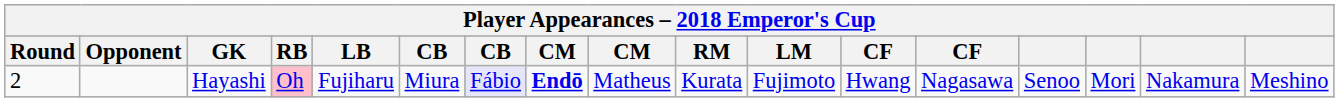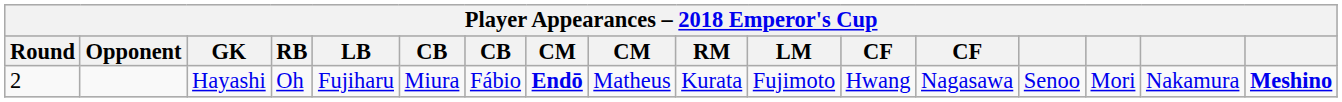 <table class="wikitable"  style="text-align:left; line-height:90%; font-size:90%; width:60%;">
 <tr>
 <th colspan=17>Player Appearances – <a href='#'>2018 Emperor's Cup</a></th>
 </tr>
 <tr>
 <th style="width:5%;">Round</th>
 <th style="width:20%;">Opponent</th>
 <th style="width:5%;">GK</th>
 <th style="width:5%;">RB</th>
 <th style="width:5%;">LB</th>
 <th style="width:5%;">CB</th>
 <th style="width:5%;">CB</th>
 <th style="width:5%;">CM</th>
 <th style="width:5%;">CM</th>
 <th style="width:5%;">RM</th>
 <th style="width:5%;">LM</th>
 <th style="width:5%;">CF</th>
 <th style="width:5%;">CF</th>
 <th style="width:5%;"></th>
 <th style="width:5%;"></th>
 <th style="width:5%;"></th>
 <th style="width:5%;"></th>
 </tr>
 <tr>
 <td align=centre>2</td>
 <td align=left></td>
 <td><a href='#'>Hayashi</a></td>
-<td style="background: pink;"><a href='#'>Oh</a></td>
+<td><a href='#'>Oh</a></td>
 <td><a href='#'>Fujiharu</a></td>
 <td><a href='#'>Miura</a></td>
-<td style="background: lavender;"><a href='#'>Fábio</a></td>
+<td><a href='#'>Fábio</a></td>
 <td><strong><a href='#'>Endō</a></strong></td>
 <td><a href='#'>Matheus</a></td>
 <td><a href='#'>Kurata</a></td>
 <td><a href='#'>Fujimoto</a></td>
 <td><a href='#'>Hwang</a></td>
 <td><a href='#'>Nagasawa</a></td>
 <td><a href='#'>Senoo</a></td>
 <td><a href='#'>Mori</a></td>
 <td><a href='#'>Nakamura</a></td>
-<td><a href='#'>Meshino</a></td>
+<td><strong><a href='#'>Meshino</a></strong></td>
 </tr>
 </table>
